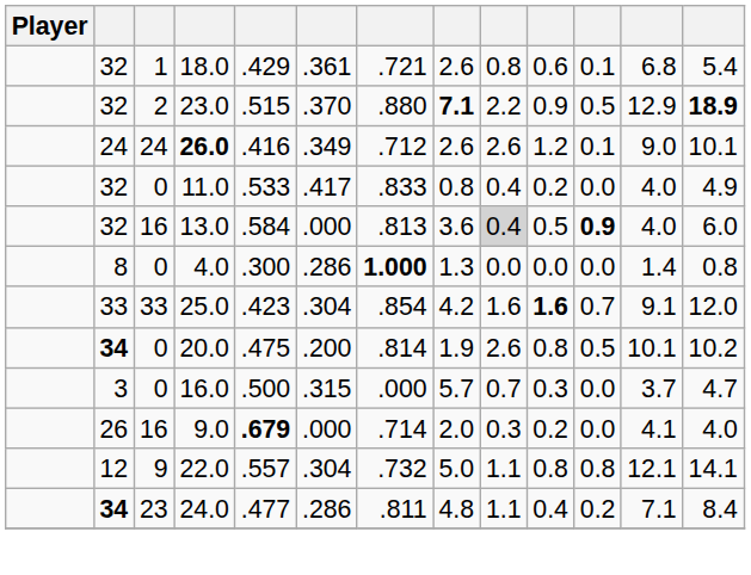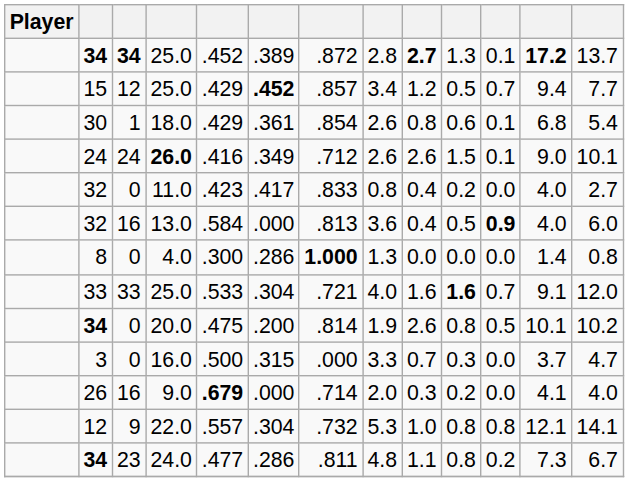 <table class="wikitable sortable" style="font-size:95%; text-align:right;">
 <tr>
 <th>Player</th>
 <th></th>
 <th></th>
 <th></th>
 <th></th>
 <th></th>
 <th></th>
 <th></th>
 <th></th>
 <th></th>
 <th></th>
 <th></th>
 <th></th>
 </tr>
 <tr>
 <td><strong></strong></td>
-<td>32</td>
+<td><strong>34</strong></td>
+<td><strong>34</strong></td>
+<td>25.0</td>
+<td>.452</td>
+<td>.389</td>
+<td>.872</td>
+<td>2.8</td>
+<td><strong>2.7</strong></td>
+<td>1.3</td>
+<td>0.1</td>
+<td><strong>17.2</strong></td>
+<td>13.7</td>
+</tr>
+<tr>
+<td><strong></strong></td>
+<td>15</td>
+<td>12</td>
+<td>25.0</td>
+<td>.429</td>
+<td><strong>.452</strong></td>
+<td>.857</td>
+<td>3.4</td>
+<td>1.2</td>
+<td>0.5</td>
+<td>0.7</td>
+<td>9.4</td>
+<td>7.7</td>
+</tr>
+<tr>
+<td><strong></strong></td>
+<td>30</td>
 <td>1</td>
 <td>18.0</td>
 <td>.429</td>
 <td>.361</td>
-<td>.721</td>
+<td>.854</td>
 <td>2.6</td>
 <td>0.8</td>
 <td>0.6</td>
 <td>0.1</td>
 <td>6.8</td>
 <td>5.4</td>
-</tr>
-<tr>
-<td><strong></strong></td>
-<td>32</td>
-<td>2</td>
-<td>23.0</td>
-<td>.515</td>
-<td>.370</td>
-<td>.880</td>
-<td><strong>7.1</strong></td>
-<td>2.2</td>
-<td>0.9</td>
-<td>0.5</td>
-<td>12.9</td>
-<td><strong>18.9</strong></td>
 </tr>
 <tr>
 <td><strong></strong></td>
 <td>24</td>
 <td>24</td>
 <td><strong>26.0</strong></td>
 <td>.416</td>
 <td>.349</td>
 <td>.712</td>
 <td>2.6</td>
 <td>2.6</td>
-<td>1.2</td>
+<td>1.5</td>
 <td>0.1</td>
 <td>9.0</td>
 <td>10.1</td>
 </tr>
 <tr>
 <td><strong></strong></td>
 <td>32</td>
 <td>0</td>
 <td>11.0</td>
-<td>.533</td>
+<td>.423</td>
 <td>.417</td>
 <td>.833</td>
 <td>0.8</td>
 <td>0.4</td>
 <td>0.2</td>
 <td>0.0</td>
 <td>4.0</td>
-<td>4.9</td>
+<td>2.7</td>
 </tr>
 <tr>
 <td><strong></strong></td>
 <td>32</td>
 <td>16</td>
 <td>13.0</td>
 <td>.584</td>
 <td>.000</td>
 <td>.813</td>
 <td>3.6</td>
-<td style="background: lightgrey;">0.4</td>
+<td>0.4</td>
 <td>0.5</td>
 <td><strong>0.9</strong></td>
 <td>4.0</td>
 <td>6.0</td>
 </tr>
 <tr>
 <td><strong></strong></td>
 <td>8</td>
 <td>0</td>
 <td>4.0</td>
 <td>.300</td>
 <td>.286</td>
 <td><strong>1.000</strong></td>
 <td>1.3</td>
 <td>0.0</td>
 <td>0.0</td>
 <td>0.0</td>
 <td>1.4</td>
 <td>0.8</td>
 </tr>
 <tr>
 <td><strong></strong></td>
 <td>33</td>
 <td>33</td>
 <td>25.0</td>
-<td>.423</td>
+<td>.533</td>
 <td>.304</td>
-<td>.854</td>
-<td>4.2</td>
+<td>.721</td>
+<td>4.0</td>
 <td>1.6</td>
 <td><strong>1.6</strong></td>
 <td>0.7</td>
 <td>9.1</td>
 <td>12.0</td>
 </tr>
 <tr>
 <td><strong></strong></td>
 <td><strong>34</strong></td>
 <td>0</td>
 <td>20.0</td>
 <td>.475</td>
 <td>.200</td>
 <td>.814</td>
 <td>1.9</td>
 <td>2.6</td>
 <td>0.8</td>
 <td>0.5</td>
 <td>10.1</td>
 <td>10.2</td>
 </tr>
 <tr>
 <td><strong></strong></td>
 <td>3</td>
 <td>0</td>
 <td>16.0</td>
 <td>.500</td>
 <td>.315</td>
 <td>.000</td>
-<td>5.7</td>
+<td>3.3</td>
 <td>0.7</td>
 <td>0.3</td>
 <td>0.0</td>
 <td>3.7</td>
 <td>4.7</td>
 </tr>
 <tr>
 <td><strong></strong></td>
 <td>26</td>
 <td>16</td>
 <td>9.0</td>
 <td><strong>.679</strong></td>
 <td>.000</td>
 <td>.714</td>
 <td>2.0</td>
 <td>0.3</td>
 <td>0.2</td>
 <td>0.0</td>
 <td>4.1</td>
 <td>4.0</td>
 </tr>
 <tr>
 <td><strong></strong></td>
 <td>12</td>
 <td>9</td>
 <td>22.0</td>
 <td>.557</td>
 <td>.304</td>
 <td>.732</td>
-<td>5.0</td>
-<td>1.1</td>
+<td>5.3</td>
+<td>1.0</td>
 <td>0.8</td>
 <td>0.8</td>
 <td>12.1</td>
 <td>14.1</td>
 </tr>
 <tr>
 <td><strong></strong></td>
 <td><strong>34</strong></td>
 <td>23</td>
 <td>24.0</td>
 <td>.477</td>
 <td>.286</td>
 <td>.811</td>
 <td>4.8</td>
 <td>1.1</td>
-<td>0.4</td>
+<td>0.8</td>
 <td>0.2</td>
-<td>7.1</td>
-<td>8.4</td>
+<td>7.3</td>
+<td>6.7</td>
 </tr>
 <tr>
 </tr>
 </table>
